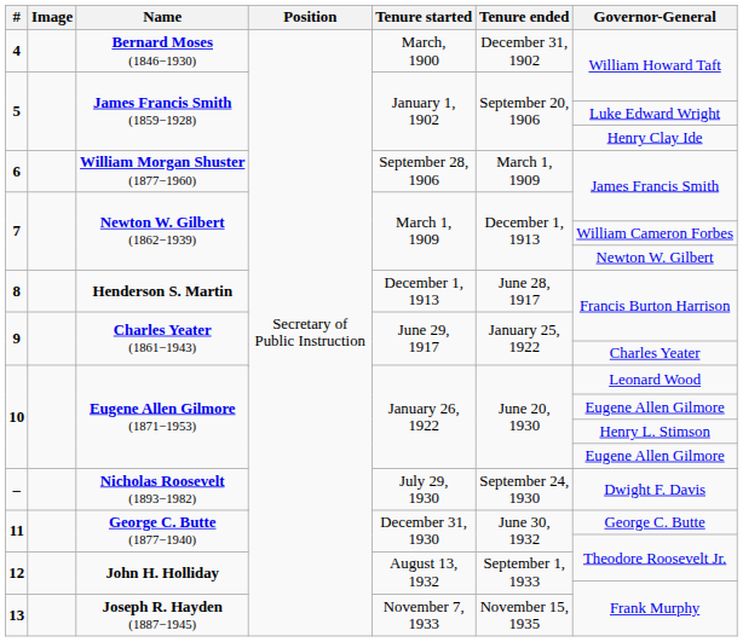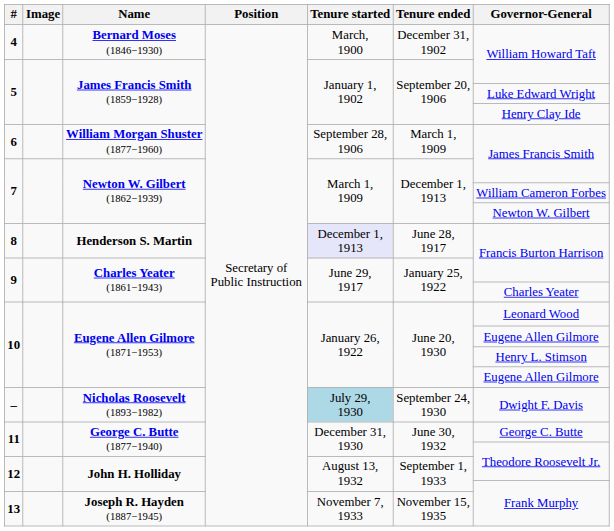 <table class="wikitable" style="text-align:center; border:1px #aaf solid;">
 <tr>
 <th>#</th>
 <th>Image</th>
 <th>Name</th>
 <th width=120px>Position</th>
 <th>Tenure started</th>
 <th>Tenure ended</th>
 <th>Governor-General</th>
 </tr>
 <tr>
 <td><strong>4</strong></td>
 <td></td>
 <td><strong><a href='#'>Bernard Moses</a></strong><br><small>(1846−1930)</small><br></td>
 <td rowspan="25">Secretary of Public Instruction</td>
 <td>March,<br>1900</td>
 <td>December 31,<br>1902</td>
 <td rowspan="2"><a href='#'>William Howard Taft</a></td>
 </tr>
 <tr style="height:30px;">
 <td rowspan="3"><strong>5</strong></td>
 <td rowspan="3"></td>
 <td rowspan="3"><strong><a href='#'>James Francis Smith</a></strong><br><small>(1859−1928)</small><br></td>
 <td rowspan="3">January 1,<br>1902</td>
 <td rowspan="3">September 20,<br>1906</td>
 </tr>
 <tr>
 <td><a href='#'>Luke Edward Wright</a></td>
 </tr>
 <tr>
 <td><a href='#'>Henry Clay Ide</a></td>
 </tr>
 <tr>
 <td><strong>6</strong></td>
 <td></td>
 <td><strong><a href='#'>William Morgan Shuster</a></strong><br><small>(1877−1960)</small><br></td>
 <td>September 28,<br>1906</td>
 <td>March 1,<br>1909</td>
 <td rowspan="2"><a href='#'>James Francis Smith</a></td>
 </tr>
 <tr style="height:30px;">
 <td rowspan="4"><strong>7</strong></td>
 <td rowspan="4"></td>
 <td rowspan="4"><strong><a href='#'>Newton W. Gilbert</a></strong><br><small>(1862−1939)</small><br></td>
 <td rowspan="4">March 1,<br>1909</td>
 <td rowspan="4">December 1,<br>1913</td>
 </tr>
 <tr>
 <td><a href='#'>William Cameron Forbes</a></td>
 </tr>
 <tr>
 <td><a href='#'>Newton W. Gilbert</a></td>
 </tr>
 <tr>
 <td rowspan="3"><a href='#'>Francis Burton Harrison</a></td>
 </tr>
 <tr>
 <td><strong>8</strong></td>
 <td></td>
 <td><strong>Henderson S. Martin</strong><br></td>
-<td>December 1,<br>1913</td>
+<td style="background: lavender;">December 1,<br>1913</td>
 <td>June 28,<br>1917</td>
 </tr>
 <tr style="height:30px;">
 <td rowspan="3"><strong>9</strong></td>
 <td rowspan="3"></td>
 <td rowspan="3"><strong><a href='#'>Charles Yeater</a></strong><br><small>(1861−1943)</small><br></td>
 <td rowspan="3">June 29,<br>1917</td>
 <td rowspan="3">January 25,<br>1922</td>
 </tr>
 <tr>
 <td><a href='#'>Charles Yeater</a></td>
 </tr>
 <tr>
 <td rowspan="2"><a href='#'>Leonard Wood</a></td>
 </tr>
 <tr style="height:30px;">
 <td rowspan="5"><strong>10</strong></td>
 <td rowspan="5"></td>
 <td rowspan="5"><strong><a href='#'>Eugene Allen Gilmore</a></strong><br><small>(1871−1953)</small><br></td>
 <td rowspan="5">January 26,<br>1922</td>
 <td rowspan="5">June 20,<br>1930</td>
 </tr>
 <tr>
 <td><a href='#'>Eugene Allen Gilmore</a></td>
 </tr>
 <tr>
 <td><a href='#'>Henry L. Stimson</a></td>
 </tr>
 <tr>
 <td><a href='#'>Eugene Allen Gilmore</a></td>
 </tr>
 <tr>
 <td rowspan="3"><a href='#'>Dwight F. Davis</a></td>
 </tr>
 <tr>
 <td><strong>–</strong></td>
 <td></td>
 <td><a href='#'><strong>Nicholas Roosevelt</strong></a><br><small>(1893−1982)</small><br></td>
-<td>July 29,<br>1930</td>
+<td style="background: lightblue;">July 29,<br>1930</td>
 <td>September 24,<br>1930</td>
 </tr>
 <tr>
 <td rowspan="3"><strong>11</strong></td>
 <td rowspan="3"></td>
 <td rowspan="3"><strong><a href='#'>George C. Butte</a></strong><br><small>(1877−1940)</small><br></td>
 <td rowspan="3">December 31,<br>1930</td>
 <td rowspan="3">June 30,<br>1932</td>
 </tr>
 <tr>
 <td><a href='#'>George C. Butte</a></td>
 </tr>
 <tr>
 <td rowspan="2"><a href='#'>Theodore Roosevelt Jr.</a></td>
 </tr>
 <tr style="height:30px;">
 <td rowspan="2"><strong>12</strong></td>
 <td rowspan="2"></td>
 <td rowspan="2"><strong>John H. Holliday</strong><br></td>
 <td rowspan="2">August 13,<br>1932</td>
 <td rowspan="2">September 1,<br>1933</td>
 </tr>
 <tr>
 <td rowspan="2"><a href='#'>Frank Murphy</a></td>
 </tr>
 <tr>
 <td><strong>13</strong></td>
 <td></td>
 <td><strong>Joseph R. Hayden</strong><br><small>(1887−1945)</small><br></td>
 <td>November 7,<br>1933</td>
 <td>November 15,<br>1935</td>
 </tr>
 </table>
